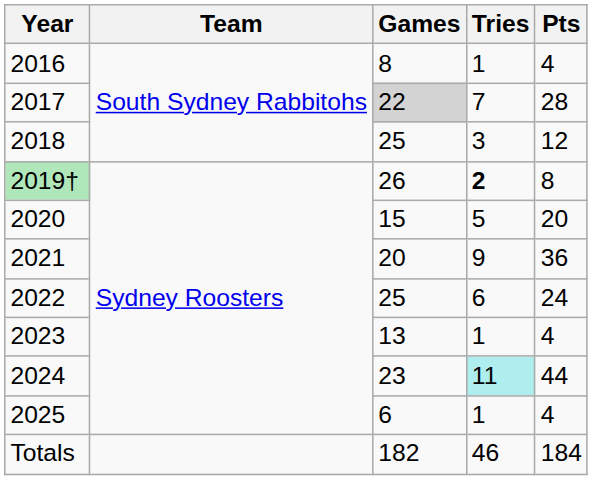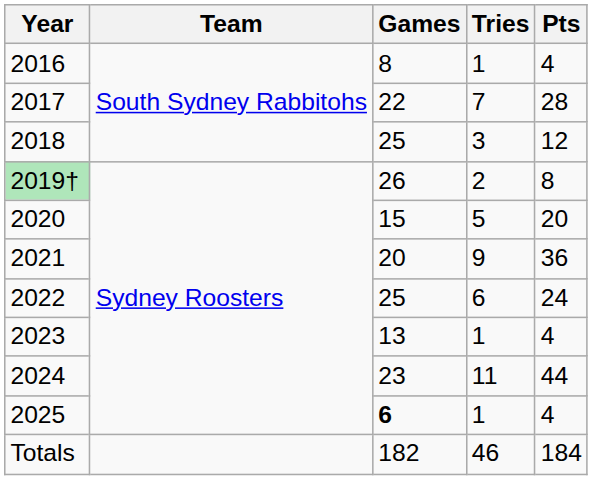 <table class="wikitable">
 <tr>
 <th>Year</th>
 <th>Team</th>
 <th>Games</th>
 <th>Tries</th>
 <th>Pts</th>
 </tr>
 <tr>
 <td>2016</td>
 <td rowspan="3"> <a href='#'>South Sydney Rabbitohs</a></td>
 <td>8</td>
 <td>1</td>
 <td>4</td>
 </tr>
 <tr>
 <td>2017</td>
-<td style="background: lightgrey;">22</td>
+<td>22</td>
 <td>7</td>
 <td>28</td>
 </tr>
 <tr>
 <td>2018</td>
 <td>25</td>
 <td>3</td>
 <td>12</td>
 </tr>
 <tr>
 <td style="background:#afe6ba; width:3em;">2019†</td>
 <td rowspan="7"> <a href='#'>Sydney Roosters</a></td>
 <td>26</td>
-<td><strong>2</strong></td>
+<td>2</td>
 <td>8</td>
 </tr>
 <tr>
 <td>2020</td>
 <td>15</td>
 <td>5</td>
 <td>20</td>
 </tr>
 <tr>
 <td>2021</td>
 <td>20</td>
 <td>9</td>
 <td>36</td>
 </tr>
 <tr>
 <td>2022</td>
 <td>25</td>
 <td>6</td>
 <td>24</td>
 </tr>
 <tr>
 <td>2023</td>
 <td>13</td>
 <td>1</td>
 <td>4</td>
 </tr>
 <tr>
 <td>2024</td>
 <td>23</td>
-<td style="background: paleturquoise;">11</td>
+<td>11</td>
 <td>44</td>
 </tr>
 <tr>
 <td>2025</td>
-<td>6</td>
+<td><strong>6</strong></td>
 <td>1</td>
 <td>4</td>
 </tr>
 <tr>
 <td>Totals</td>
 <td></td>
 <td>182</td>
 <td>46</td>
 <td>184</td>
 </tr>
 </table>
